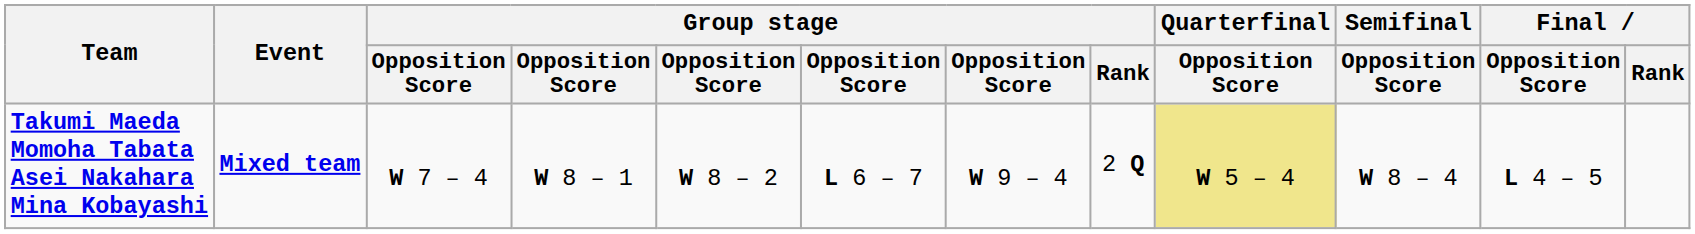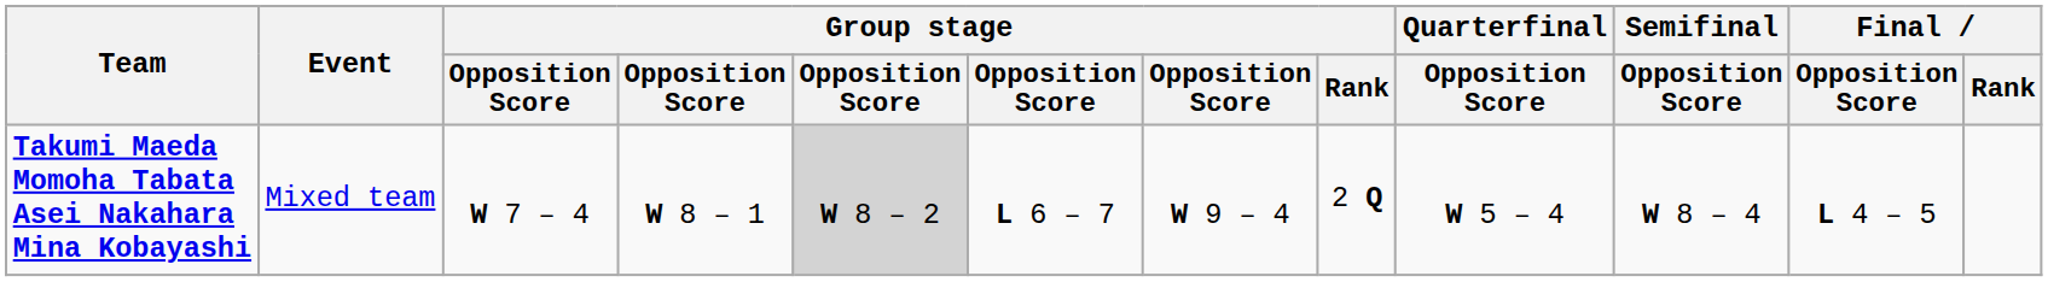 <table class="wikitable" style="font-size:90%">
 <tr>
 <th rowspan=2>Team</th>
 <th rowspan=2>Event</th>
 <th colspan=6>Group stage</th>
 <th>Quarterfinal</th>
 <th>Semifinal</th>
 <th colspan=2>Final / </th>
 </tr>
 <tr style="font-size:95%">
 <th>Opposition<br>Score</th>
 <th>Opposition<br>Score</th>
 <th>Opposition<br>Score</th>
 <th>Opposition<br>Score</th>
 <th>Opposition<br>Score</th>
 <th>Rank</th>
 <th>Opposition<br>Score</th>
 <th>Opposition<br>Score</th>
 <th>Opposition<br>Score</th>
 <th>Rank</th>
 </tr>
 <tr align=center>
 <td align=left><strong><a href='#'>Takumi Maeda</a><br><a href='#'>Momoha Tabata</a><br><a href='#'>Asei Nakahara</a><br><a href='#'>Mina Kobayashi</a></strong></td>
-<td align=left><strong><a href='#'>Mixed team</a></strong></td>
+<td align=left><a href='#'>Mixed team</a></td>
 <td><br><strong>W</strong> 7 – 4</td>
 <td><br><strong>W</strong> 8 – 1</td>
-<td><br><strong>W</strong> 8 – 2</td>
+<td style="background: lightgrey;"><br><strong>W</strong> 8 – 2</td>
 <td><br><strong>L</strong> 6 – 7</td>
 <td><br><strong>W</strong> 9 – 4</td>
 <td>2 <strong>Q</strong></td>
-<td style="background: khaki;"><br><strong>W</strong> 5 – 4</td>
+<td><br><strong>W</strong> 5 – 4</td>
 <td><br><strong>W</strong> 8 – 4</td>
 <td><br><strong>L</strong> 4 – 5</td>
 <td></td>
 </tr>
 </table>
